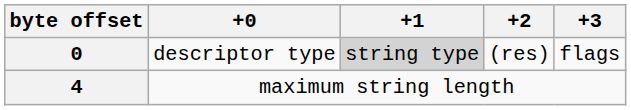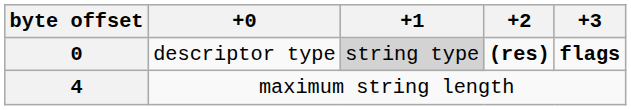 <table class=wikitable style="text-align:center;">
 <tr>
 <th>byte offset</th>
 <th>+0</th>
 <th>+1</th>
 <th>+2</th>
 <th>+3</th>
 </tr>
 <tr>
 <th>0</th>
 <td>descriptor type</td>
 <td style="background: lightgrey;">string type</td>
-<td>(res)</td>
-<td>flags</td>
+<td><strong>(res)</strong></td>
+<td><strong>flags</strong></td>
 </tr>
 <tr>
 <th>4</th>
 <td colspan=4>maximum string length</td>
 </tr>
 </table>
